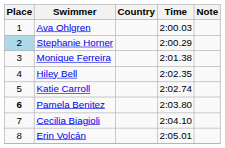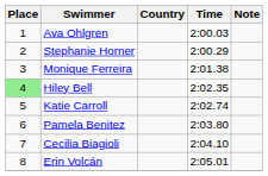 <table class="wikitable" style="text-align:center">
 <tr>
 <th>Place</th>
 <th>Swimmer</th>
 <th>Country</th>
 <th>Time</th>
 <th>Note</th>
 </tr>
 <tr>
 <td>1</td>
 <td align=left><a href='#'>Ava Ohlgren</a></td>
 <td align=left></td>
 <td>2:00.03</td>
 <td></td>
 </tr>
 <tr>
-<td style="background: lightblue;">2</td>
+<td>2</td>
 <td align=left><a href='#'>Stephanie Horner</a></td>
 <td align=left></td>
 <td>2:00.29</td>
 <td></td>
 </tr>
 <tr>
 <td>3</td>
 <td align=left><a href='#'>Monique Ferreira</a></td>
 <td align=left></td>
 <td>2:01.38</td>
 <td></td>
 </tr>
 <tr>
-<td>4</td>
+<td style="background: lightgreen;">4</td>
 <td align=left><a href='#'>Hiley Bell</a></td>
 <td align=left></td>
 <td>2:02.35</td>
 <td></td>
 </tr>
 <tr>
 <td>5</td>
 <td align=left><a href='#'>Katie Carroll</a></td>
 <td align=left></td>
 <td>2:02.74</td>
 <td></td>
 </tr>
 <tr>
-<td><strong>6</strong></td>
+<td>6</td>
 <td align=left><a href='#'>Pamela Benitez</a></td>
 <td align=left></td>
 <td>2:03.80</td>
 <td></td>
 </tr>
 <tr>
 <td>7</td>
 <td align=left><a href='#'>Cecilia Biagioli</a></td>
 <td align=left></td>
 <td>2:04.10</td>
 <td></td>
 </tr>
 <tr>
 <td>8</td>
 <td align=left><a href='#'>Erin Volcán</a></td>
 <td align=left></td>
 <td>2:05.01</td>
 <td></td>
 </tr>
 <tr>
 </tr>
 </table>
